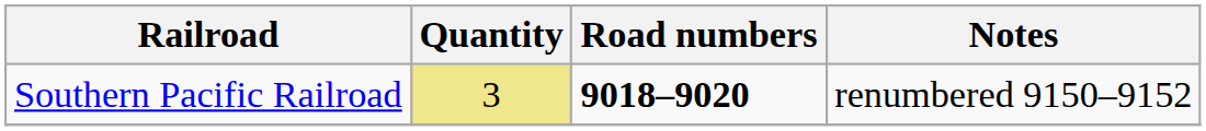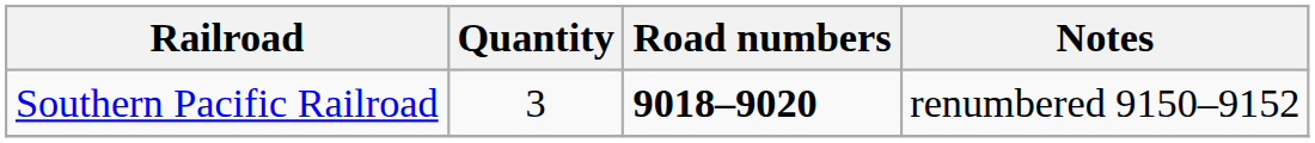 <table class="wikitable">
 <tr>
 <th>Railroad</th>
 <th>Quantity</th>
 <th>Road numbers</th>
 <th>Notes</th>
 </tr>
 <tr>
 <td><a href='#'>Southern Pacific Railroad</a></td>
-<td style="background: khaki; text-align:center;">3</td>
+<td style="text-align:center;">3</td>
 <td><strong>9018–9020</strong></td>
 <td>renumbered 9150–9152</td>
 </tr>
 <tr>
 </tr>
 </table>
